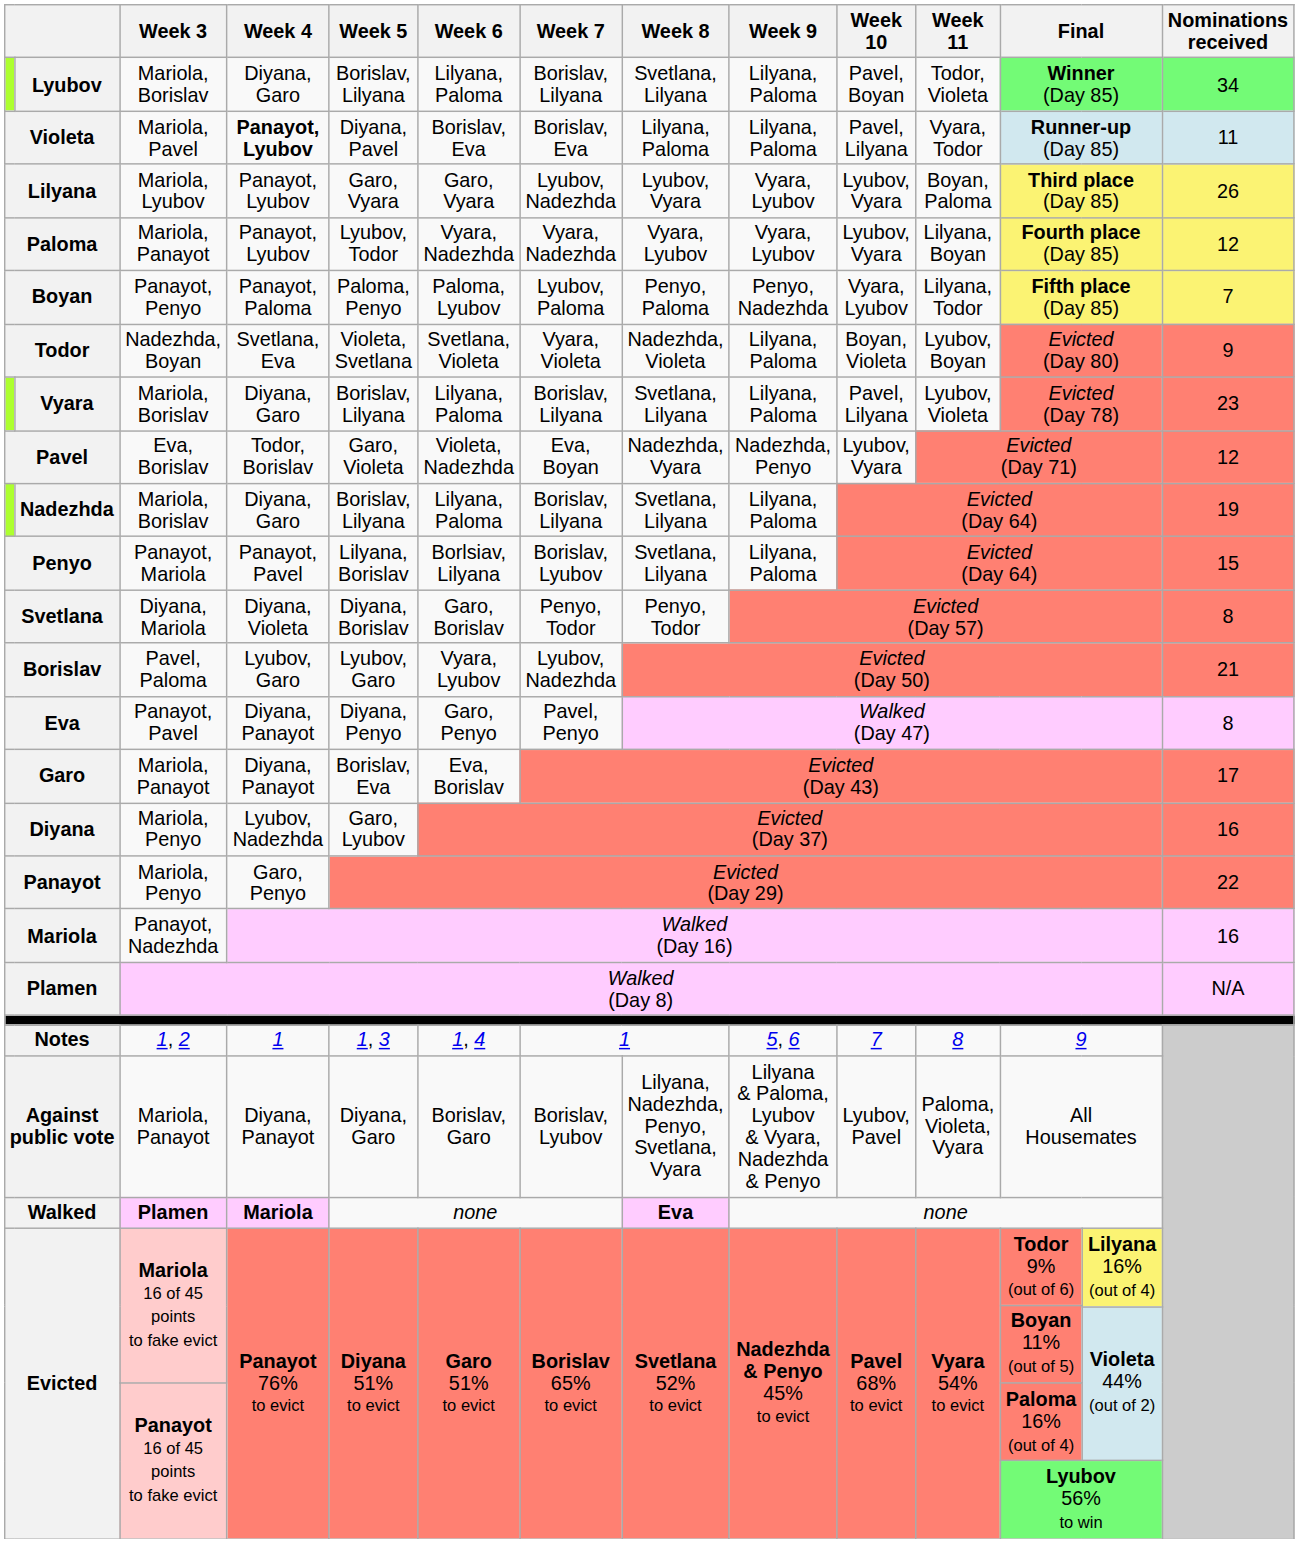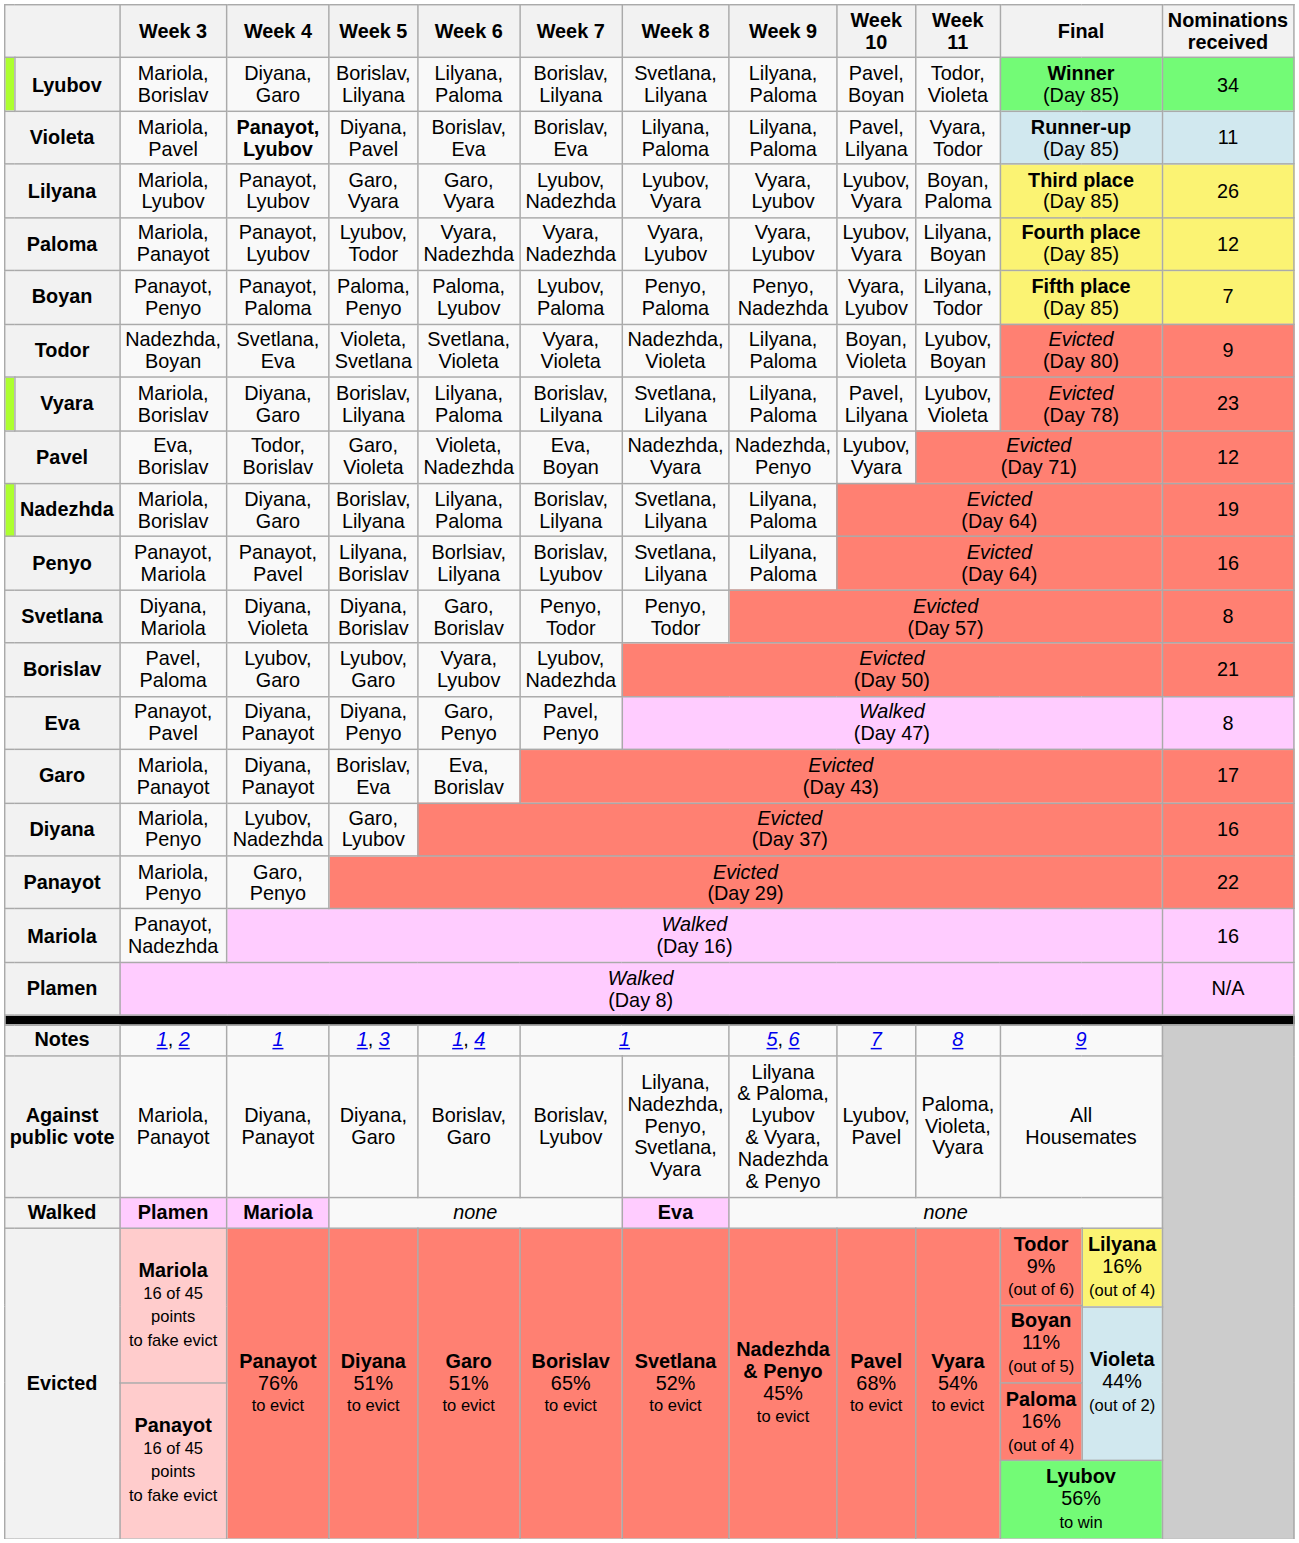 <table class="wikitable" style="text-align:center; width:100%; font-size:85%; line-height:15px">
 <tr>
 <th colspan="2" style="width:5%"></th>
 <th style="width:5%">Week 3</th>
 <th style="width:5%">Week 4</th>
 <th style="width:5%">Week 5</th>
 <th style="width:5%">Week 6</th>
 <th style="width:5%">Week 7</th>
 <th style="width:5%">Week 8</th>
 <th style="width:5%">Week 9</th>
 <th style="width:5%">Week 10</th>
 <th style="width:5%">Week 11</th>
 <th style="width:10%" colspan="2">Final</th>
 <th style="width:5%">Nominations<br>received</th>
 </tr>
 <tr>
 <th style="background:greenyellow;"></th>
 <th>Lyubov</th>
 <td>Mariola,<br>Borislav</td>
 <td>Diyana,<br>Garo</td>
 <td>Borislav,<br>Lilyana</td>
 <td>Lilyana,<br>Paloma</td>
 <td>Borislav,<br>Lilyana</td>
 <td>Svetlana,<br>Lilyana</td>
 <td>Lilyana,<br>Paloma</td>
 <td>Pavel,<br>Boyan</td>
 <td>Todor,<br>Violeta</td>
 <td colspan="2" style="background:#73FB76;"><strong>Winner</strong><br>(Day 85)</td>
 <td style="background:#73FB76;">34</td>
 </tr>
 <tr>
 <th colspan="2">Violeta</th>
 <td>Mariola,<br>Pavel</td>
 <td><strong>Panayot,<br>Lyubov</strong></td>
 <td>Diyana,<br>Pavel</td>
 <td>Borislav,<br>Eva</td>
 <td>Borislav,<br>Eva</td>
 <td>Lilyana,<br>Paloma</td>
 <td>Lilyana,<br>Paloma</td>
 <td>Pavel,<br>Lilyana</td>
 <td>Vyara,<br>Todor</td>
 <td colspan="2" style="background:#D1E8EF;"><strong>Runner-up</strong><br>(Day 85)</td>
 <td style="background:#D1E8EF;">11</td>
 </tr>
 <tr>
 <th colspan="2">Lilyana</th>
 <td>Mariola,<br>Lyubov</td>
 <td>Panayot,<br>Lyubov</td>
 <td>Garo,<br>Vyara</td>
 <td>Garo,<br>Vyara</td>
 <td>Lyubov,<br>Nadezhda</td>
 <td>Lyubov,<br>Vyara</td>
 <td>Vyara,<br>Lyubov</td>
 <td>Lyubov,<br>Vyara</td>
 <td>Boyan,<br>Paloma</td>
 <td colspan="2" style="background:#FBF373;"><strong>Third place</strong><br>(Day 85)</td>
 <td style="background:#FBF373;">26</td>
 </tr>
 <tr>
 <th colspan="2">Paloma</th>
 <td>Mariola,<br>Panayot</td>
 <td>Panayot,<br>Lyubov</td>
 <td>Lyubov,<br>Todor</td>
 <td>Vyara,<br>Nadezhda</td>
 <td>Vyara,<br>Nadezhda</td>
 <td>Vyara,<br>Lyubov</td>
 <td>Vyara,<br>Lyubov</td>
 <td>Lyubov,<br>Vyara</td>
 <td>Lilyana,<br>Boyan</td>
 <td colspan="2" style="background:#FBF373;"><strong>Fourth place</strong><br>(Day 85)</td>
 <td style="background:#FBF373;">12</td>
 </tr>
 <tr>
 <th colspan="2">Boyan</th>
 <td>Panayot,<br>Penyo</td>
 <td>Panayot,<br>Paloma</td>
 <td>Paloma,<br>Penyo</td>
 <td>Paloma,<br>Lyubov</td>
 <td>Lyubov,<br>Paloma</td>
 <td>Penyo,<br>Paloma</td>
 <td>Penyo,<br>Nadezhda</td>
 <td>Vyara,<br>Lyubov</td>
 <td>Lilyana,<br>Todor</td>
 <td colspan="2" style="background:#FBF373;"><strong>Fifth place</strong><br>(Day 85)</td>
 <td style="background:#FBF373;">7</td>
 </tr>
 <tr>
 <th colspan="2">Todor</th>
 <td>Nadezhda,<br>Boyan</td>
 <td>Svetlana,<br>Eva</td>
 <td>Violeta,<br>Svetlana</td>
 <td>Svetlana,<br>Violeta</td>
 <td>Vyara,<br>Violeta</td>
 <td>Nadezhda,<br>Violeta</td>
 <td>Lilyana,<br>Paloma</td>
 <td>Boyan,<br>Violeta</td>
 <td>Lyubov,<br>Boyan</td>
 <td style="background:#FF8072;" colspan="2"><em>Evicted</em><br>(Day 80)</td>
 <td style="background:#FF8072;">9</td>
 </tr>
 <tr>
 <th style="background:greenyellow;"></th>
 <th>Vyara</th>
 <td>Mariola,<br>Borislav</td>
 <td>Diyana,<br>Garo</td>
 <td>Borislav,<br>Lilyana</td>
 <td>Lilyana,<br>Paloma</td>
 <td>Borislav,<br>Lilyana</td>
 <td>Svetlana,<br>Lilyana</td>
 <td>Lilyana,<br>Paloma</td>
 <td>Pavel,<br>Lilyana</td>
 <td>Lyubov,<br>Violeta</td>
 <td style="background:#FF8072;" colspan="2"><em>Evicted</em><br>(Day 78)</td>
 <td style="background:#FF8072;">23</td>
 </tr>
 <tr>
 <th colspan="2">Pavel</th>
 <td>Eva,<br>Borislav</td>
 <td>Todor,<br>Borislav</td>
 <td>Garo,<br>Violeta</td>
 <td>Violeta,<br>Nadezhda</td>
 <td>Eva,<br>Boyan</td>
 <td>Nadezhda,<br>Vyara</td>
 <td>Nadezhda,<br>Penyo</td>
 <td>Lyubov,<br>Vyara</td>
 <td style="background:#FF8072;" colspan="3"><em>Evicted</em><br>(Day 71)</td>
 <td style="background:#FF8072;">12</td>
 </tr>
 <tr>
 <th style="background:greenyellow;"></th>
 <th>Nadezhda</th>
 <td>Mariola,<br>Borislav</td>
 <td>Diyana,<br>Garo</td>
 <td>Borislav,<br>Lilyana</td>
 <td>Lilyana,<br>Paloma</td>
 <td>Borislav,<br>Lilyana</td>
 <td>Svetlana,<br>Lilyana</td>
 <td>Lilyana,<br>Paloma</td>
 <td style="background:#FF8072;" colspan="4"><em>Evicted</em><br>(Day 64)</td>
 <td style="background:#FF8072;">19</td>
 </tr>
 <tr>
 <th colspan="2">Penyo</th>
 <td>Panayot,<br>Mariola</td>
 <td>Panayot,<br>Pavel</td>
 <td>Lilyana,<br>Borislav</td>
 <td>Borlsiav,<br>Lilyana</td>
 <td>Borislav,<br>Lyubov</td>
 <td>Svetlana,<br>Lilyana</td>
 <td>Lilyana,<br>Paloma</td>
 <td style="background:#FF8072;" colspan="4"><em>Evicted</em><br>(Day 64)</td>
-<td style="background:#FF8072;">15</td>
+<td style="background:#FF8072;">16</td>
 </tr>
 <tr>
 <th colspan="2">Svetlana</th>
 <td>Diyana,<br>Mariola</td>
 <td>Diyana,<br>Violeta</td>
 <td>Diyana,<br>Borislav</td>
 <td>Garo,<br>Borislav</td>
 <td>Penyo,<br>Todor</td>
 <td>Penyo,<br>Todor</td>
 <td style="background:#FF8072;" colspan="5"><em>Evicted</em><br>(Day 57)</td>
 <td style="background:#FF8072;">8</td>
 </tr>
 <tr>
 <th colspan="2">Borislav</th>
 <td>Pavel,<br>Paloma</td>
 <td>Lyubov,<br>Garo</td>
 <td>Lyubov,<br>Garo</td>
 <td>Vyara,<br>Lyubov</td>
 <td>Lyubov,<br>Nadezhda</td>
 <td style="background:#FF8072;" colspan="6"><em>Evicted</em><br>(Day 50)</td>
 <td style="background:#FF8072;">21</td>
 </tr>
 <tr>
 <th colspan="2">Eva</th>
 <td>Panayot,<br>Pavel</td>
 <td>Diyana,<br>Panayot</td>
 <td>Diyana,<br>Penyo</td>
 <td>Garo,<br>Penyo</td>
 <td>Pavel,<br>Penyo</td>
 <td style="background:#fcf;" colspan="6"><em>Walked</em><br>(Day 47)</td>
 <td bgcolor="FFCCFF">8</td>
 </tr>
 <tr>
 <th colspan="2">Garo</th>
 <td>Mariola,<br>Panayot</td>
 <td>Diyana,<br>Panayot</td>
 <td>Borislav,<br>Eva</td>
 <td>Eva,<br>Borislav</td>
 <td style="background:#FF8072;" colspan="7"><em>Evicted</em><br>(Day 43)</td>
 <td style="background:#FF8072;">17</td>
 </tr>
 <tr>
 <th colspan="2">Diyana</th>
 <td>Mariola,<br>Penyo</td>
 <td>Lyubov,<br>Nadezhda</td>
 <td>Garo,<br>Lyubov</td>
 <td style="background:#FF8072;" colspan="8"><em>Evicted</em><br>(Day 37)</td>
 <td style="background:#FF8072;">16</td>
 </tr>
 <tr>
 <th colspan="2">Panayot</th>
 <td>Mariola,<br>Penyo</td>
 <td>Garo,<br>Penyo</td>
 <td style="background:#FF8072;" colspan="9"><em>Evicted</em><br>(Day 29)</td>
 <td style="background:#FF8072;">22</td>
 </tr>
 <tr>
 <th colspan="2">Mariola</th>
 <td>Panayot,<br>Nadezhda</td>
 <td style="background:#fcf;" colspan="10"><em>Walked</em><br>(Day 16)</td>
 <td bgcolor="FFCCFF">16</td>
 </tr>
 <tr>
 <th colspan="2">Plamen</th>
 <td style="background:#fcf;" colspan="11"><em>Walked</em><br>(Day 8)</td>
 <td bgcolor="FFCCFF">N/A</td>
 </tr>
 <tr>
 <th colspan="14" style="background:#000;"></th>
 </tr>
 <tr>
 <th colspan="2">Notes</th>
 <td><em><a href='#'>1</a></em>, <em><a href='#'>2</a></em></td>
 <td><em><a href='#'>1</a></em></td>
 <td><em><a href='#'>1</a></em>, <em><a href='#'>3</a></em></td>
 <td><em><a href='#'>1</a></em>, <em><a href='#'>4</a></em></td>
 <td colspan="2"><em><a href='#'>1</a></em></td>
 <td><em><a href='#'>5</a></em>, <em><a href='#'>6</a></em></td>
 <td><em><a href='#'>7</a></em></td>
 <td><em><a href='#'>8</a></em></td>
 <td colspan="2"><em><a href='#'>9</a></em></td>
 <td rowspan=8 bgcolor="CCCCCC"></td>
 </tr>
 <tr>
 <th colspan="2">Against<br>public vote</th>
 <td>Mariola,<br>Panayot</td>
 <td>Diyana,<br>Panayot</td>
 <td>Diyana,<br>Garo</td>
 <td>Borislav,<br>Garo</td>
 <td>Borislav,<br>Lyubov</td>
 <td>Lilyana,<br>Nadezhda,<br>Penyo,<br>Svetlana,<br>Vyara</td>
 <td>Lilyana<br>& Paloma,<br>Lyubov<br>& Vyara,<br>Nadezhda<br>& Penyo</td>
 <td>Lyubov,<br>Pavel</td>
 <td>Paloma,<br>Violeta,<br>Vyara</td>
 <td colspan="2">All<br>Housemates</td>
 </tr>
 <tr>
 <th colspan="2">Walked</th>
 <td style="background:#fcf;"><strong>Plamen</strong></td>
 <td style="background:#fcf;"><strong>Mariola</strong></td>
 <td colspan="3"><em>none</em></td>
 <td style="background:#fcf;"><strong>Eva</strong></td>
 <td colspan="5"><em>none</em></td>
 </tr>
 <tr>
 <th colspan="2" rowspan="5">Evicted</th>
 <td rowspan="3" style="background:#FCC"><strong>Mariola</strong><br><small>16 of 45 points<br>to fake evict</small></td>
 <td rowspan="5" style="background:#FF8072"><strong>Panayot</strong><br>76%<br><small>to evict</small></td>
 <td rowspan="5" style="background:#FF8072"><strong>Diyana</strong><br>51%<br><small>to evict</small></td>
 <td rowspan="5" style="background:#FF8072"><strong>Garo</strong><br>51%<br><small>to evict</small></td>
 <td rowspan="5" style="background:#FF8072"><strong>Borislav</strong><br>65%<br><small>to evict</small></td>
 <td rowspan="5" style="background:#FF8072"><strong>Svetlana</strong><br>52% <br><small>to evict</small></td>
 <td rowspan="5" style="background:#FF8072"><strong>Nadezhda<br>& Penyo</strong><br>45%<br><small>to evict</small></td>
 <td rowspan="5" style="background:#FF8072"><strong>Pavel</strong><br>68%<br><small>to evict</small></td>
 <td rowspan="5" style="background:#FF8072"><strong>Vyara</strong><br>54%<br><small>to evict</small></td>
 <td style="background:#FF8072"><strong>Todor</strong><br>9% <br><small>(out of 6)</small></td>
 <td style="background:#FBF373" rowspan="2"><strong>Lilyana</strong><br>16%<small><br>(out of 4)</small></td>
 </tr>
 <tr>
 <td style="background:#FF8072" rowspan="2"><strong>Boyan</strong><br>11%<small><br>(out of 5)</small></td>
 </tr>
 <tr>
 <td style="background:#D1E8EF" rowspan="2"><strong>Violeta</strong><br>44%<small><br>(out of 2)</small></td>
 </tr>
 <tr>
 <td rowspan="2" style="background:#FCC"><strong>Panayot</strong><br><small>16 of 45 points<br>to fake evict</small></td>
 <td style="background:#FF8072"><strong>Paloma</strong><br>16%<small><br>(out of 4)</small></td>
 </tr>
 <tr>
 <td colspan="2" style="background:#73FB76"><strong>Lyubov</strong><br>56%<small><br>to win</small></td>
 </tr>
 </table>
